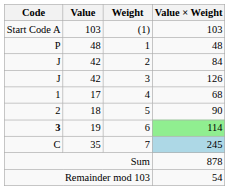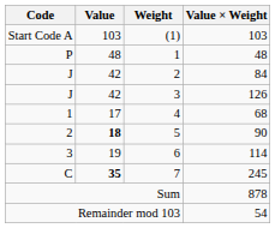 <table class="wikitable" style="text-align:right;">
 <tr>
 <th>Code</th>
 <th>Value</th>
 <th>Weight</th>
 <th>Value × Weight</th>
 </tr>
 <tr>
 <td>Start Code A</td>
 <td>103</td>
 <td>(1)</td>
 <td>103</td>
 </tr>
 <tr>
 <td>P</td>
 <td>48</td>
 <td>1</td>
 <td>48</td>
 </tr>
 <tr>
 <td>J</td>
 <td>42</td>
 <td>2</td>
 <td>84</td>
 </tr>
 <tr>
 <td>J</td>
 <td>42</td>
 <td>3</td>
 <td>126</td>
 </tr>
 <tr>
 <td>1</td>
 <td>17</td>
 <td>4</td>
 <td>68</td>
 </tr>
 <tr>
 <td>2</td>
-<td>18</td>
+<td><strong>18</strong></td>
 <td>5</td>
 <td>90</td>
 </tr>
 <tr>
-<td><strong>3</strong></td>
+<td>3</td>
 <td>19</td>
 <td>6</td>
-<td style="background: lightgreen;">114</td>
+<td>114</td>
 </tr>
 <tr>
 <td>C</td>
-<td>35</td>
+<td><strong>35</strong></td>
 <td>7</td>
-<td style="background: lightblue;">245</td>
+<td>245</td>
 </tr>
 <tr>
 <td style="border-right:none"></td>
 <td colspan=2 style="border-left:none">Sum</td>
 <td>878</td>
 </tr>
 <tr>
 <td style="border-right:none"></td>
 <td colspan=2 style="border-left:none">Remainder mod 103</td>
 <td>54</td>
 </tr>
 </table>
